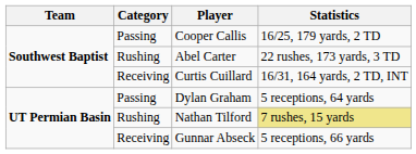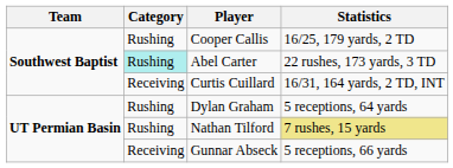 <table class="wikitable" style="float: right;">
 <tr>
 <th>Team</th>
 <th>Category</th>
 <th>Player</th>
 <th>Statistics</th>
 </tr>
 <tr>
 <td rowspan=3><strong>Southwest Baptist</strong></td>
-<td>Passing</td>
+<td>Rushing</td>
 <td>Cooper Callis</td>
 <td>16/25, 179 yards, 2 TD</td>
 </tr>
 <tr>
-<td>Rushing</td>
+<td style="background: paleturquoise;">Rushing</td>
 <td>Abel Carter</td>
 <td>22 rushes, 173 yards, 3 TD</td>
 </tr>
 <tr>
 <td>Receiving</td>
 <td>Curtis Cuillard</td>
 <td>16/31, 164 yards, 2 TD, INT</td>
 </tr>
 <tr>
 <td rowspan=3><strong>UT Permian Basin</strong></td>
-<td>Passing</td>
+<td>Rushing</td>
 <td>Dylan Graham</td>
 <td>5 receptions, 64 yards</td>
 </tr>
 <tr>
 <td>Rushing</td>
 <td>Nathan Tilford</td>
 <td style="background: khaki;">7 rushes, 15 yards</td>
 </tr>
 <tr>
 <td>Receiving</td>
 <td>Gunnar Abseck</td>
 <td>5 receptions, 66 yards</td>
 </tr>
 </table>
